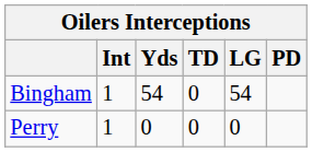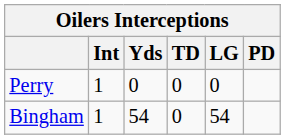 <table class="wikitable">
 <tr>
 <th colspan="6">Oilers Interceptions</th>
 </tr>
 <tr>
 <th></th>
 <th>Int</th>
 <th>Yds</th>
 <th>TD</th>
 <th>LG</th>
 <th>PD</th>
 </tr>
 <tr>
+<td><a href='#'>Perry</a></td>
+<td>1</td>
+<td>0</td>
+<td>0</td>
+<td>0</td>
+<td></td>
+</tr>
+<tr>
 <td><a href='#'>Bingham</a></td>
 <td>1</td>
 <td>54</td>
 <td>0</td>
 <td>54</td>
 <td></td>
 </tr>
-<tr>
-<td><a href='#'>Perry</a></td>
-<td>1</td>
-<td>0</td>
-<td>0</td>
-<td>0</td>
-<td></td>
-</tr>
 </table>
